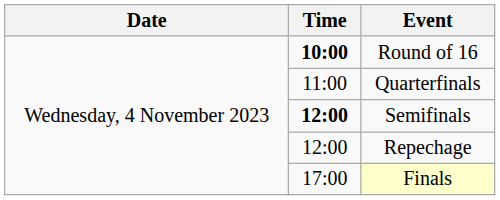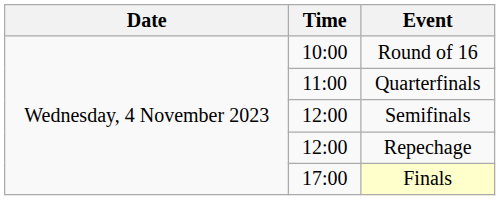 <table class = "wikitable" style="text-align:center;">
 <tr>
 <th width=220>Date</th>
 <th width=50>Time</th>
 <th width=100>Event</th>
 </tr>
 <tr>
 <td rowspan=5>Wednesday, 4 November 2023</td>
-<td><strong>10:00</strong></td>
+<td>10:00</td>
 <td>Round of 16</td>
 </tr>
 <tr>
 <td>11:00</td>
 <td>Quarterfinals</td>
 </tr>
 <tr>
-<td><strong>12:00</strong></td>
+<td>12:00</td>
 <td>Semifinals</td>
 </tr>
 <tr>
 <td>12:00</td>
 <td>Repechage</td>
 </tr>
 <tr>
 <td>17:00</td>
 <td bgcolor=ffffcc>Finals</td>
 </tr>
 </table>
